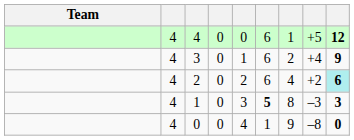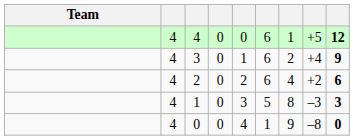 <table class="wikitable" style="text-align: center;">
 <tr>
 <th width=175>Team</th>
 <th width=20></th>
 <th width=20></th>
 <th width=20></th>
 <th width=20></th>
 <th width=20></th>
 <th width=20></th>
 <th width=20></th>
 <th width=20></th>
 </tr>
 <tr bgcolor=ccffcc>
 <td style="text-align:left;"></td>
 <td>4</td>
 <td>4</td>
 <td>0</td>
 <td>0</td>
 <td>6</td>
 <td>1</td>
 <td>+5</td>
 <td><strong>12</strong></td>
 </tr>
 <tr>
 <td style="text-align:left;"></td>
 <td>4</td>
 <td>3</td>
 <td>0</td>
 <td>1</td>
 <td>6</td>
 <td>2</td>
 <td>+4</td>
 <td><strong>9</strong></td>
 </tr>
 <tr>
 <td style="text-align:left;"></td>
 <td>4</td>
 <td>2</td>
 <td>0</td>
 <td>2</td>
 <td>6</td>
 <td>4</td>
 <td>+2</td>
-<td style="background: paleturquoise;"><strong>6</strong></td>
+<td><strong>6</strong></td>
 </tr>
 <tr>
 <td style="text-align:left;"></td>
 <td>4</td>
 <td>1</td>
 <td>0</td>
 <td>3</td>
-<td><strong>5</strong></td>
+<td>5</td>
 <td>8</td>
 <td>–3</td>
 <td><strong>3</strong></td>
 </tr>
 <tr>
 <td style="text-align:left;"></td>
 <td>4</td>
 <td>0</td>
 <td>0</td>
 <td>4</td>
 <td>1</td>
 <td>9</td>
 <td>–8</td>
 <td><strong>0</strong></td>
 </tr>
 </table>
